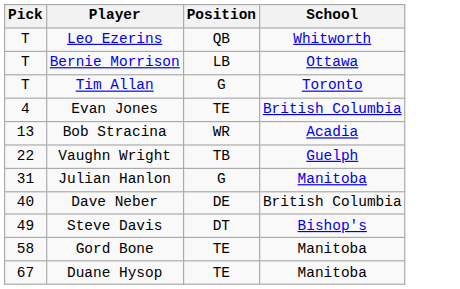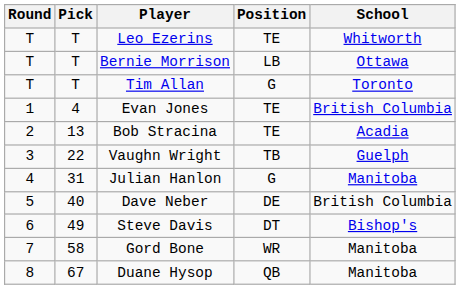 <table class="wikitable" style="font-size: 95%;">
 <tr>
+<th scope="col">Round</th>
 <th scope="col">Pick</th>
 <th scope="col">Player</th>
 <th scope="col">Position</th>
 <th scope="col">School</th>
 </tr>
 <tr align="center">
+<td align=center>T</td>
 <td>T</td>
 <td><a href='#'>Leo Ezerins</a></td>
-<td>QB</td>
+<td>TE</td>
 <td><a href='#'>Whitworth</a></td>
 </tr>
 <tr align="center">
+<td align=center>T</td>
 <td>T</td>
 <td><a href='#'>Bernie Morrison</a></td>
 <td>LB</td>
 <td><a href='#'>Ottawa</a></td>
 </tr>
 <tr align="center">
+<td align=center>T</td>
 <td>T</td>
 <td><a href='#'>Tim Allan</a></td>
 <td>G</td>
 <td><a href='#'>Toronto</a></td>
 </tr>
 <tr align="center">
+<td align=center>1</td>
 <td>4</td>
 <td>Evan Jones</td>
 <td>TE</td>
 <td><a href='#'>British Columbia</a></td>
 </tr>
 <tr align="center">
+<td align=center>2</td>
 <td>13</td>
 <td>Bob Stracina</td>
-<td>WR</td>
+<td>TE</td>
 <td><a href='#'>Acadia</a></td>
 </tr>
 <tr align="center">
+<td align=center>3</td>
 <td>22</td>
 <td>Vaughn Wright</td>
 <td>TB</td>
 <td><a href='#'>Guelph</a></td>
 </tr>
 <tr align="center">
+<td align=center>4</td>
 <td>31</td>
 <td>Julian Hanlon</td>
 <td>G</td>
 <td><a href='#'>Manitoba</a></td>
 </tr>
 <tr align="center">
+<td align=center>5</td>
 <td>40</td>
 <td>Dave Neber</td>
 <td>DE</td>
 <td>British Columbia</td>
 </tr>
 <tr align="center">
+<td align=center>6</td>
 <td>49</td>
 <td>Steve Davis</td>
 <td>DT</td>
 <td><a href='#'>Bishop's</a></td>
 </tr>
 <tr align="center">
+<td align=center>7</td>
 <td>58</td>
 <td>Gord Bone</td>
-<td>TE</td>
+<td>WR</td>
 <td>Manitoba</td>
 </tr>
 <tr align="center">
+<td align=center>8</td>
 <td>67</td>
 <td>Duane Hysop</td>
-<td>TE</td>
+<td>QB</td>
 <td>Manitoba</td>
 </tr>
 </table>
